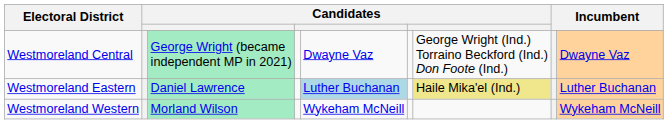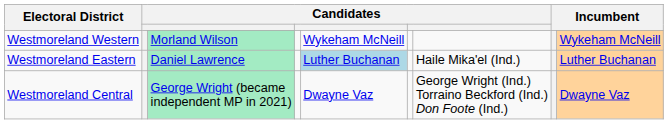 <table class="wikitable">
 <tr>
 <th rowspan="2">Electoral District</th>
 <th colspan="6">Candidates</th>
 <th colspan="2" rowspan="2">Incumbent</th>
 </tr>
 <tr>
 <th colspan="2" style="background:"><a href='#'></a></th>
 <th colspan="2" style="background:"><a href='#'></a></th>
 <th colspan="2" style="background:"></th>
 </tr>
 <tr>
+<td><a href='#'>Westmoreland Western</a></td>
+<th style="background:"></th>
+<td style="background:#a3ebc3"><a href='#'>Morland Wilson</a></td>
+<td></td>
+<td><a href='#'>Wykeham McNeill</a></td>
+<td></td>
+<td></td>
+<th style="background:"></th>
+<td style="background:#FFD39B"><a href='#'>Wykeham McNeill</a></td>
+</tr>
+<tr>
+<td><a href='#'>Westmoreland Eastern</a></td>
+<th style="background:"></th>
+<td style="background:#a3ebc3"><a href='#'>Daniel Lawrence</a></td>
+<td></td>
+<td style="background: lightblue;"><a href='#'>Luther Buchanan</a></td>
+<td></td>
+<td>Haile Mika'el (Ind.)</td>
+<th style="background:"></th>
+<td style="background:#FFD39B"><a href='#'>Luther Buchanan</a></td>
+</tr>
+<tr>
 <td><a href='#'>Westmoreland Central</a></td>
 <th style="background:"></th>
 <td style="background:#a3ebc3"><a href='#'>George Wright</a> (became<br>independent MP in 2021)</td>
 <td></td>
 <td><a href='#'>Dwayne Vaz</a></td>
 <td></td>
 <td>George Wright (Ind.)<br>Torraino Beckford (Ind.)<br><em>Don Foote</em> (Ind.)</td>
 <th style="background:"></th>
 <td style="background:#FFD39B"><a href='#'>Dwayne Vaz</a></td>
 </tr>
-<tr>
-<td><a href='#'>Westmoreland Eastern</a></td>
-<th style="background:"></th>
-<td style="background:#a3ebc3"><a href='#'>Daniel Lawrence</a></td>
-<td></td>
-<td style="background: lightblue;"><a href='#'>Luther Buchanan</a></td>
-<td></td>
-<td style="background: khaki;">Haile Mika'el (Ind.)</td>
-<th style="background:"></th>
-<td style="background:#FFD39B"><a href='#'>Luther Buchanan</a></td>
-</tr>
-<tr>
-<td><a href='#'>Westmoreland Western</a></td>
-<th style="background:"></th>
-<td style="background:#a3ebc3"><a href='#'>Morland Wilson</a></td>
-<td></td>
-<td><a href='#'>Wykeham McNeill</a></td>
-<td></td>
-<td></td>
-<th style="background:"></th>
-<td style="background:#FFD39B"><a href='#'>Wykeham McNeill</a></td>
-</tr>
 </table>
